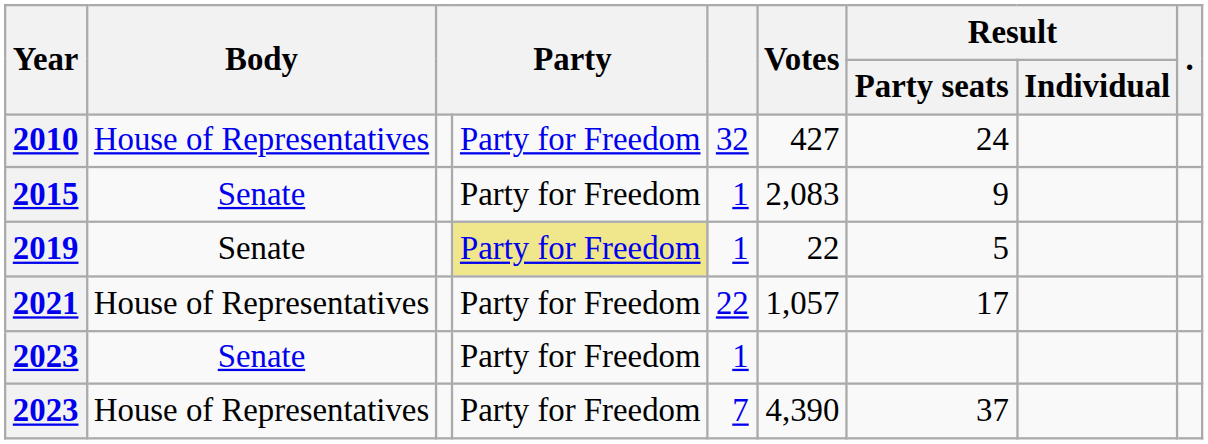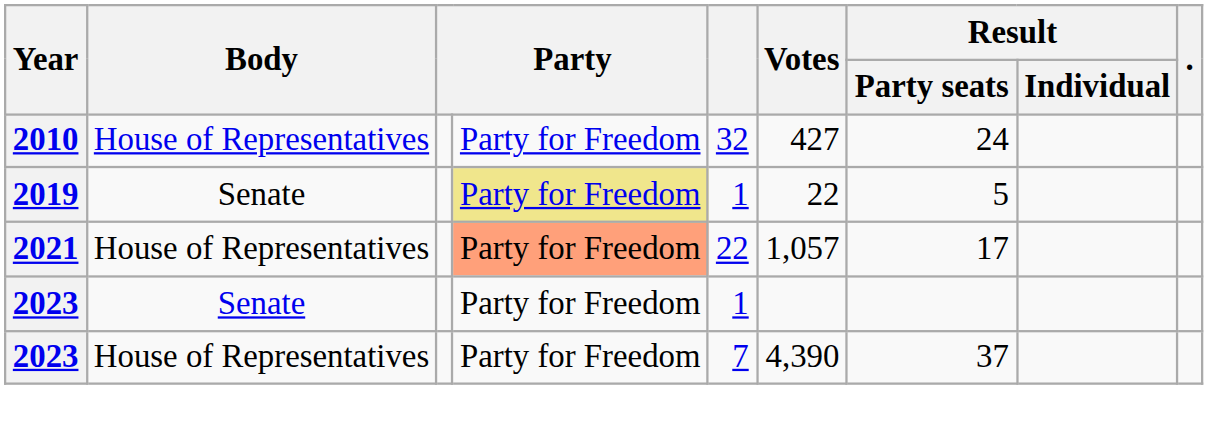 <table class="wikitable plainrowheaders sortable" border=2 cellpadding=4 cellspacing=0 style="border: 1px #aaa solid; font-size: 90%; text-align:center;">
 <tr>
 <th scope="col" rowspan=2>Year</th>
 <th scope="col" rowspan=2>Body</th>
 <th scope="col" colspan=2 rowspan=2>Party</th>
 <th scope="col" rowspan=2></th>
 <th scope="col" rowspan=2>Votes</th>
 <th scope="colgroup" colspan=2>Result</th>
 <th scope="col" rowspan=2 class="unsortable">.</th>
 </tr>
 <tr>
 <th scope="col">Party seats</th>
 <th scope="col">Individual</th>
 </tr>
 <tr>
 <th scope="row"><a href='#'>2010</a></th>
 <td><a href='#'>House of Representatives</a></td>
 <td style="background-color:"></td>
 <td><a href='#'>Party for Freedom</a></td>
 <td style=text-align:right><a href='#'>32</a></td>
 <td style=text-align:right>427</td>
 <td style=text-align:right>24</td>
 <td></td>
 <td></td>
 </tr>
 <tr>
-<th scope="row"><a href='#'>2015</a></th>
-<td><a href='#'>Senate</a></td>
-<td style="background-color:"></td>
-<td>Party for Freedom</td>
-<td style=text-align:right><a href='#'>1</a></td>
-<td style=text-align:right>2,083</td>
-<td style=text-align:right>9</td>
-<td></td>
-<td></td>
-</tr>
-<tr>
 <th scope="row"><a href='#'>2019</a></th>
 <td>Senate</td>
 <td style="background-color:"></td>
 <td style="background: khaki;"><a href='#'>Party for Freedom</a></td>
 <td style=text-align:right><a href='#'>1</a></td>
 <td style=text-align:right>22</td>
 <td style=text-align:right>5</td>
 <td></td>
 <td></td>
 </tr>
 <tr>
 <th scope="row"><a href='#'>2021</a></th>
 <td>House of Representatives</td>
 <td style="background-color:"></td>
-<td>Party for Freedom</td>
+<td style="background: lightsalmon;">Party for Freedom</td>
 <td style=text-align:right><a href='#'>22</a></td>
 <td style=text-align:right>1,057</td>
 <td style=text-align:right>17</td>
 <td></td>
 <td></td>
 </tr>
 <tr>
 <th scope="row"><a href='#'>2023</a></th>
 <td><a href='#'>Senate</a></td>
 <td style="background-color:"></td>
 <td>Party for Freedom</td>
 <td style=text-align:right><a href='#'>1</a></td>
 <td style=text-align:right></td>
 <td style=text-align:right></td>
 <td></td>
 <td></td>
 </tr>
 <tr>
 <th scope="row"><a href='#'>2023</a></th>
 <td>House of Representatives</td>
 <td style="background-color:"></td>
 <td>Party for Freedom</td>
 <td style=text-align:right><a href='#'>7</a></td>
 <td style=text-align:right>4,390</td>
 <td style=text-align:right>37</td>
 <td></td>
 <td></td>
 </tr>
 </table>
